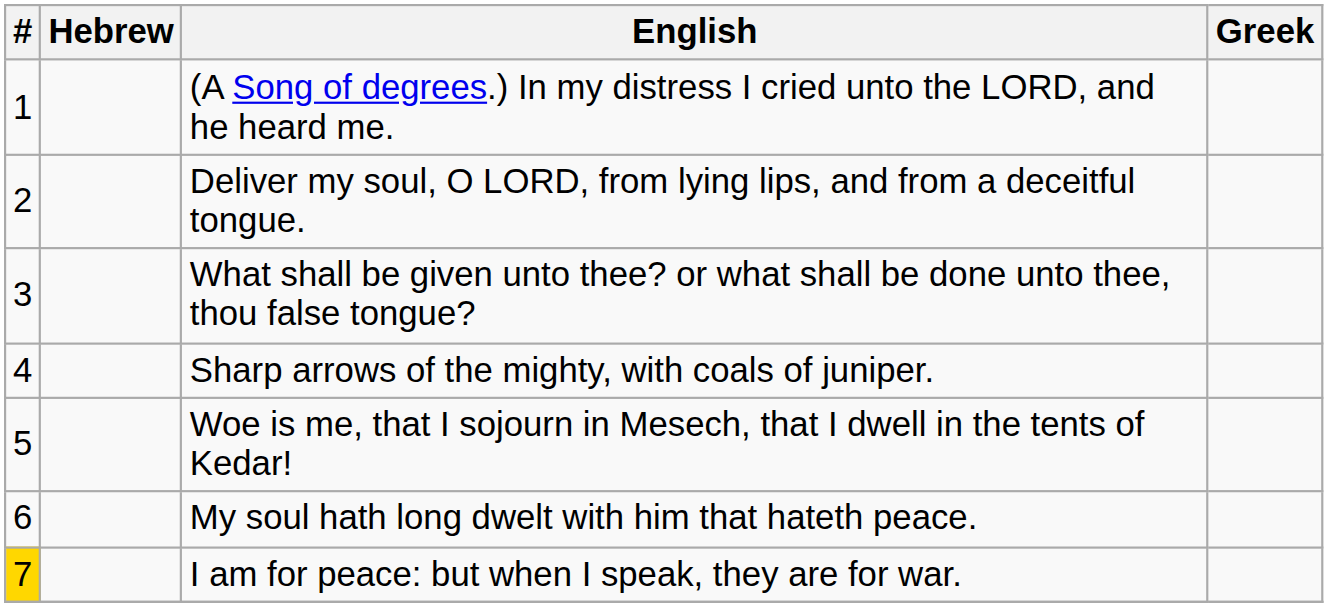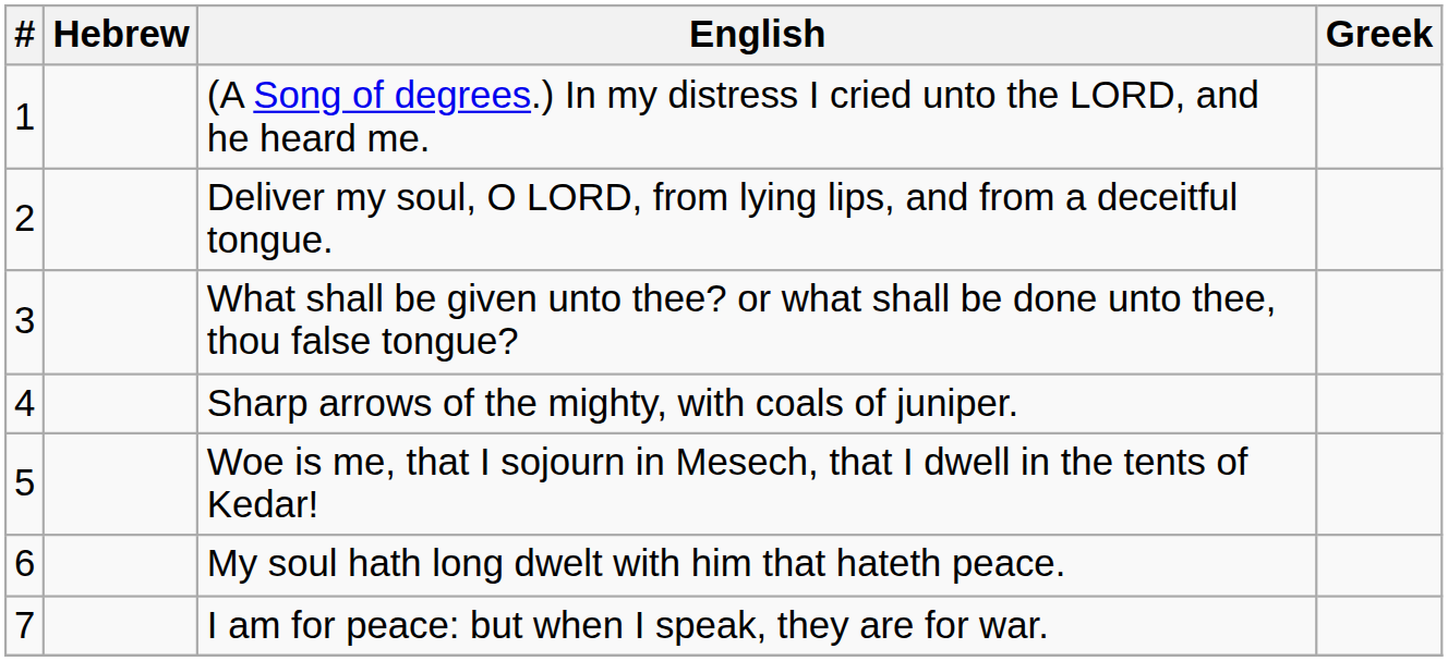 <table class=wikitable>
 <tr>
 <th>#</th>
 <th>Hebrew</th>
 <th>English</th>
 <th>Greek</th>
 </tr>
 <tr>
 <td style="text-align:right">1</td>
 <td style="text-align:right"></td>
 <td>(A <a href='#'>Song of degrees</a>.) In my distress I cried unto the LORD, and he heard me.</td>
 <td></td>
 </tr>
 <tr>
 <td style="text-align:right">2</td>
 <td style="text-align:right"></td>
 <td>Deliver my soul, O LORD, from lying lips, and from a deceitful tongue.</td>
 <td></td>
 </tr>
 <tr>
 <td style="text-align:right">3</td>
 <td style="text-align:right"></td>
 <td>What shall be given unto thee? or what shall be done unto thee, thou false tongue?</td>
 <td></td>
 </tr>
 <tr>
 <td style="text-align:right">4</td>
 <td style="text-align:right"></td>
 <td>Sharp arrows of the mighty, with coals of juniper.</td>
 <td></td>
 </tr>
 <tr>
 <td style="text-align:right">5</td>
 <td style="text-align:right"></td>
 <td>Woe is me, that I sojourn in Mesech, that I dwell in the tents of Kedar!</td>
 <td></td>
 </tr>
 <tr>
 <td style="text-align:right">6</td>
 <td style="text-align:right"></td>
 <td>My soul hath long dwelt with him that hateth peace.</td>
 <td></td>
 </tr>
 <tr>
-<td style="background: gold; text-align:right">7</td>
+<td style="text-align:right">7</td>
 <td style="text-align:right"></td>
 <td>I am for peace: but when I speak, they are for war.</td>
 <td></td>
 </tr>
 <tr>
 </tr>
 </table>
